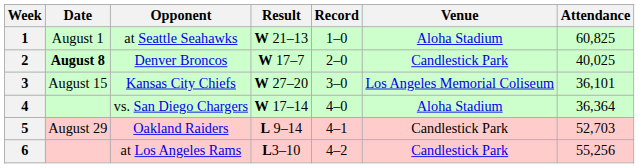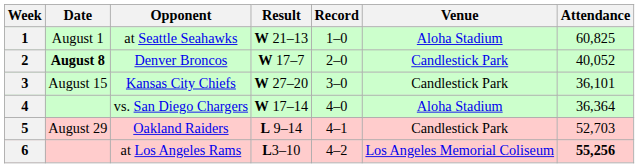 <table class="wikitable" style="text-align:center">
 <tr>
 <th>Week</th>
 <th>Date</th>
 <th>Opponent</th>
 <th>Result</th>
 <th>Record</th>
 <th>Venue</th>
 <th>Attendance</th>
 </tr>
 <tr style="background:#cfc">
 <th>1</th>
 <td>August 1</td>
 <td>at <a href='#'>Seattle Seahawks</a></td>
 <td><strong>W</strong> 21–13</td>
 <td>1–0</td>
 <td><a href='#'>Aloha Stadium</a></td>
 <td>60,825</td>
 </tr>
 <tr style="background:#cfc">
 <th>2</th>
 <td><strong>August 8</strong></td>
 <td><a href='#'>Denver Broncos</a></td>
 <td><strong>W</strong> 17–7</td>
 <td>2–0</td>
 <td><a href='#'>Candlestick Park</a></td>
-<td>40,025</td>
+<td>40,052</td>
 </tr>
 <tr style="background:#cfc">
 <th>3</th>
 <td>August 15</td>
 <td><a href='#'>Kansas City Chiefs</a></td>
 <td><strong>W</strong> 27–20</td>
 <td>3–0</td>
-<td><a href='#'>Los Angeles Memorial Coliseum</a></td>
+<td>Candlestick Park</td>
 <td>36,101</td>
 </tr>
 <tr style="background:#cfc">
 <th>4</th>
 <td></td>
 <td>vs. <a href='#'>San Diego Chargers</a></td>
 <td><strong>W</strong> 17–14</td>
 <td>4–0</td>
 <td><a href='#'>Aloha Stadium</a></td>
 <td>36,364</td>
 </tr>
 <tr style="background:#fcc">
 <th>5</th>
 <td>August 29</td>
 <td><a href='#'>Oakland Raiders</a></td>
 <td><strong>L</strong> 9–14</td>
 <td>4–1</td>
 <td>Candlestick Park</td>
 <td>52,703</td>
 </tr>
 <tr style="background:#fcc">
 <th>6</th>
 <td></td>
 <td>at <a href='#'>Los Angeles Rams</a></td>
 <td><strong>L</strong>3–10</td>
 <td>4–2</td>
-<td><a href='#'>Candlestick Park</a></td>
-<td>55,256</td>
+<td><a href='#'>Los Angeles Memorial Coliseum</a></td>
+<td><strong>55,256</strong></td>
 </tr>
 </table>
